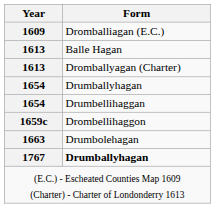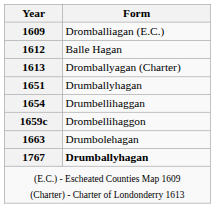 <table class="wikitable" style="margin:0 0 0 3em; border:1px solid darkgrey;">
 <tr>
 <th style="width:75px;">Year</th>
 <th style="width:200px;">Form</th>
 </tr>
 <tr>
 <th>1609</th>
 <td>Dromballiagan (E.C.)</td>
 </tr>
 <tr>
-<th>1613</th>
+<th>1612</th>
 <td>Balle Hagan</td>
 </tr>
 <tr>
 <th>1613</th>
 <td>Dromballyagan (Charter)</td>
 </tr>
 <tr>
-<th>1654</th>
+<th>1651</th>
 <td>Drumballyhagan</td>
 </tr>
 <tr>
 <th>1654</th>
 <td>Drumbellihaggan</td>
 </tr>
 <tr>
 <th>1659c</th>
 <td>Drombellihaggon</td>
 </tr>
 <tr>
 <th>1663</th>
 <td>Drumbolehagan</td>
 </tr>
 <tr>
 <th>1767</th>
 <td><strong>Drumballyhagan</strong></td>
 </tr>
 <tr>
 <td colspan="2" align="center"><sub>(E.C.) - Escheated Counties Map 1609<br>(Charter) - Charter of Londonderry 1613</sub></td>
 </tr>
 </table>
